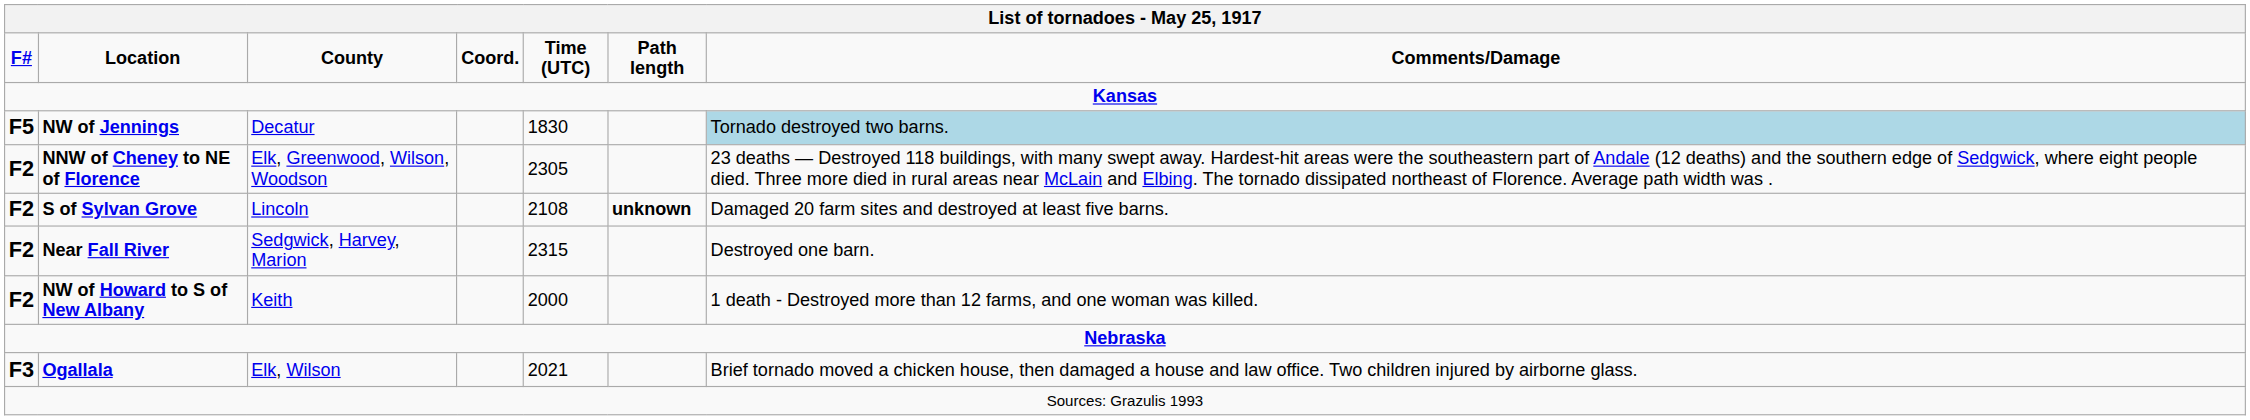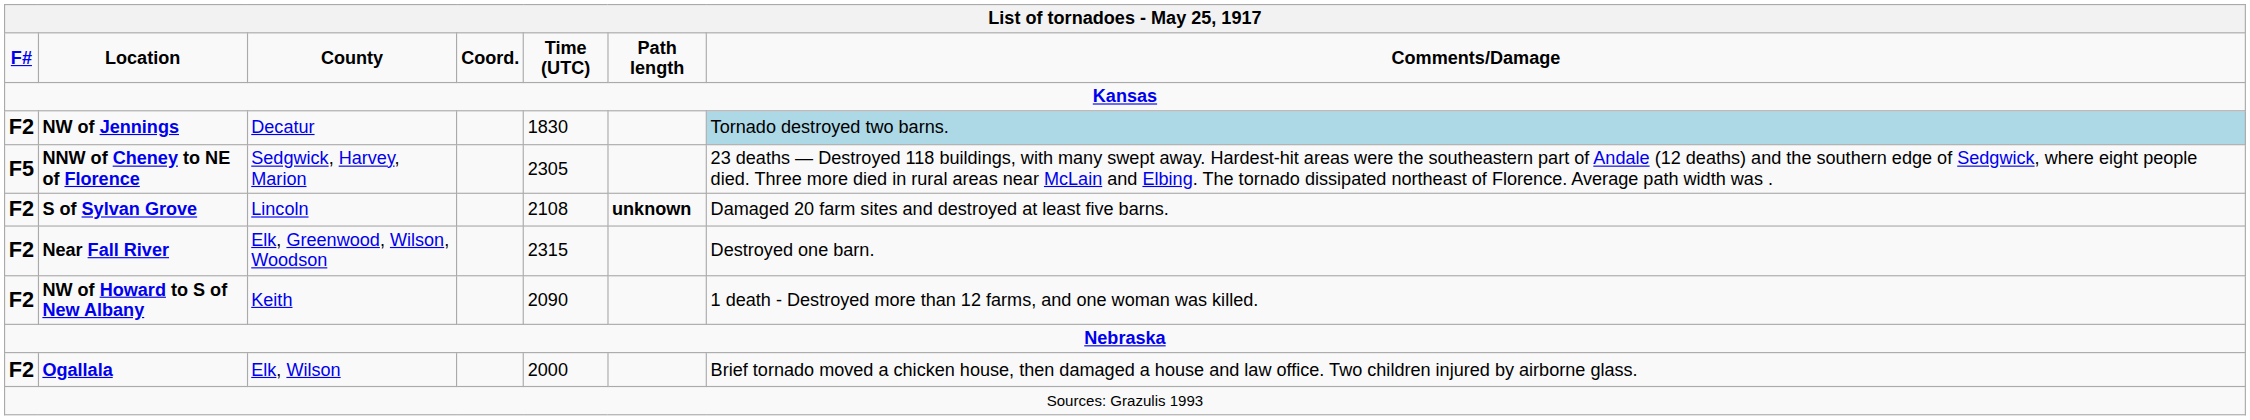 <table class="wikitable collapsible" style="width:100%;">
 <tr>
 <th colspan="7">List of tornadoes - May 25, 1917</th>
 </tr>
 <tr style="text-align:center;">
 <td><strong><a href='#'>F#</a></strong></td>
 <td><strong>Location</strong></td>
 <td><strong>County</strong></td>
 <td><strong>Coord.</strong></td>
 <td><strong>Time (UTC)</strong></td>
 <td><strong>Path length</strong></td>
 <td><strong>Comments/Damage</strong></td>
 </tr>
 <tr>
 <td colspan="7" style="text-align:center;"><strong><a href='#'>Kansas</a></strong></td>
 </tr>
 <tr>
-<td><big><strong>F5</strong></big></td>
+<td><big><strong>F2</strong></big></td>
 <td><strong>NW of <a href='#'>Jennings</a></strong></td>
 <td><a href='#'>Decatur</a></td>
 <td></td>
 <td>1830</td>
 <td></td>
 <td style="background: lightblue;">Tornado destroyed two barns.</td>
 </tr>
 <tr>
-<td><big><strong>F2</strong></big></td>
+<td><big><strong>F5</strong></big></td>
 <td><strong>NNW of <a href='#'>Cheney</a> to NE of <a href='#'>Florence</a></strong></td>
-<td><a href='#'>Elk</a>, <a href='#'>Greenwood</a>, <a href='#'>Wilson</a>, <a href='#'>Woodson</a></td>
+<td><a href='#'>Sedgwick</a>, <a href='#'>Harvey</a>, <a href='#'>Marion</a></td>
 <td></td>
 <td>2305</td>
 <td></td>
 <td>23 deaths — Destroyed 118 buildings, with many swept away. Hardest-hit areas were the southeastern part of <a href='#'>Andale</a> (12 deaths) and the southern edge of <a href='#'>Sedgwick</a>, where eight people died. Three more died in rural areas near <a href='#'>McLain</a> and <a href='#'>Elbing</a>. The tornado dissipated northeast of Florence. Average path width was  .</td>
 </tr>
 <tr>
 <td><big><strong>F2</strong></big></td>
 <td><strong>S of <a href='#'>Sylvan Grove</a></strong></td>
 <td><a href='#'>Lincoln</a></td>
 <td></td>
 <td>2108</td>
 <td><strong>unknown</strong></td>
 <td>Damaged 20 farm sites and destroyed at least five barns.</td>
 </tr>
 <tr>
 <td><big><strong>F2</strong></big></td>
 <td><strong>Near <a href='#'>Fall River</a></strong></td>
-<td><a href='#'>Sedgwick</a>, <a href='#'>Harvey</a>, <a href='#'>Marion</a></td>
+<td><a href='#'>Elk</a>, <a href='#'>Greenwood</a>, <a href='#'>Wilson</a>, <a href='#'>Woodson</a></td>
 <td></td>
 <td>2315</td>
 <td></td>
 <td>Destroyed one barn.</td>
 </tr>
 <tr>
 <td><big><strong>F2</strong></big></td>
 <td><strong>NW of <a href='#'>Howard</a> to S of <a href='#'>New Albany</a></strong></td>
 <td><a href='#'>Keith</a></td>
 <td></td>
-<td>2000</td>
+<td>2090</td>
 <td></td>
 <td>1 death - Destroyed more than 12 farms, and one woman was killed.</td>
 </tr>
 <tr>
 <td colspan="7" style="text-align:center;"><strong><a href='#'>Nebraska</a></strong></td>
 </tr>
 <tr>
-<td><big><strong>F3</strong></big></td>
+<td><big><strong>F2</strong></big></td>
 <td><strong><a href='#'>Ogallala</a></strong></td>
 <td><a href='#'>Elk</a>, <a href='#'>Wilson</a></td>
 <td></td>
-<td>2021</td>
+<td>2000</td>
 <td></td>
 <td>Brief tornado moved a chicken house, then damaged a house and law office. Two children injured by airborne glass.</td>
 </tr>
 <tr>
 <td colspan="7" style="text-align:center;"><small>Sources: Grazulis 1993</small></td>
 </tr>
 </table>
